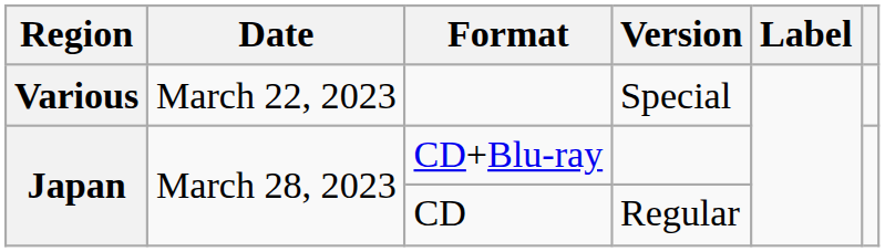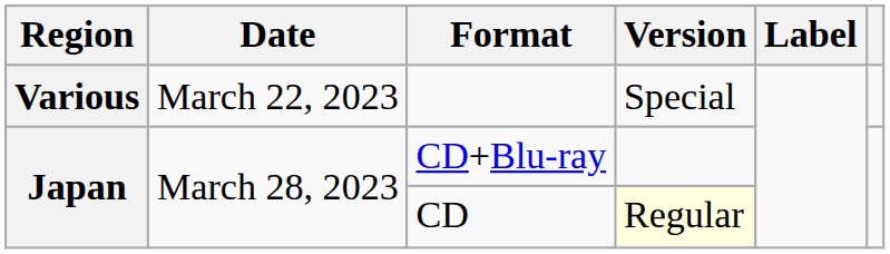 <table class="wikitable plainrowheaders">
 <tr>
 <th scope="col">Region</th>
 <th scope="col">Date</th>
 <th scope="col">Format</th>
 <th scope="col">Version</th>
 <th scope="col">Label</th>
 <th scope="col"></th>
 </tr>
 <tr>
 <th scope="row">Various</th>
 <td>March 22, 2023</td>
 <td></td>
 <td>Special</td>
 <td rowspan="3"></td>
 <td style="text-align:center"></td>
 </tr>
 <tr>
 <th scope="row" rowspan="2">Japan</th>
 <td rowspan="2">March 28, 2023</td>
 <td><a href='#'>CD</a>+<a href='#'>Blu-ray</a></td>
 <td></td>
 <td rowspan="2" style="text-align:center"></td>
 </tr>
 <tr>
 <td>CD</td>
-<td>Regular</td>
+<td style="background: lightyellow;">Regular</td>
 </tr>
 </table>
